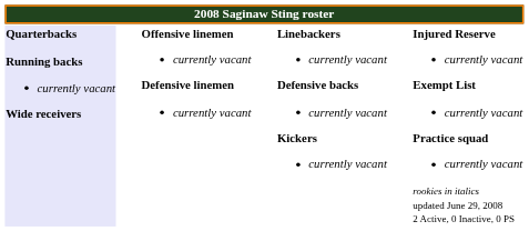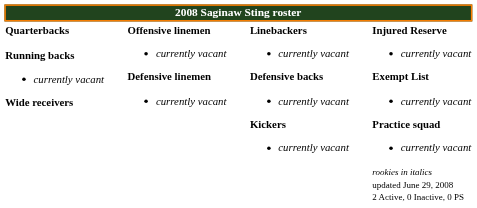 <table class="toccolours" style="text-align: left;">
 <tr>
 <th colspan="7" style="background:#21441E; border:2px solid #FF7F00; color:white; text-align:center;"><strong>2008 Saginaw Sting roster</strong></th>
 </tr>
 <tr>
-<td style="background: lavender; font-size: 95%;" valign="top"><strong>Quarterbacks</strong><br><br><strong>Running backs</strong><ul><li><em>currently vacant</em></li></ul><strong>Wide receivers</strong> </td>
+<td style="font-size: 95%;" valign="top"><strong>Quarterbacks</strong><br><br><strong>Running backs</strong><ul><li><em>currently vacant</em></li></ul><strong>Wide receivers</strong> </td>
 <td style="width: 25px;"></td>
 <td style="font-size: 95%;" valign="top"><strong>Offensive linemen</strong><br><ul><li><em>currently vacant</em></li></ul><strong>Defensive linemen</strong><ul><li><em>currently vacant</em></li></ul></td>
 <td style="width: 25px;"></td>
 <td style="font-size: 95%;" valign="top"><strong>Linebackers</strong><br><ul><li><em>currently vacant</em></li></ul><strong>Defensive backs</strong><ul><li><em>currently vacant</em></li></ul><strong>Kickers</strong><ul><li><em>currently vacant</em></li></ul></td>
 <td style="width: 25px;"></td>
 <td style="font-size: 95%;" valign="top"><strong>Injured Reserve</strong><br><ul><li><em>currently vacant</em></li></ul><strong>Exempt List</strong><ul><li><em>currently vacant</em></li></ul><strong>Practice squad</strong><ul><li><em>currently vacant</em></li></ul><small><em>rookies in italics</em><br> updated June 29, 2008</small><br> <small>2 Active, 0 Inactive, 0 PS</small></td>
 </tr>
 <tr>
 </tr>
 </table>
